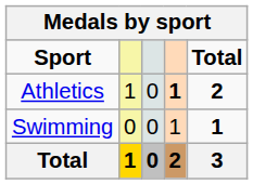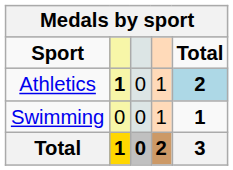 <table class="wikitable" style="font-size:85%; float:right;">
 <tr style="background:#efefef;">
 <th colspan=7><strong>Medals by sport</strong></th>
 </tr>
 <tr align=center>
 <td><strong>Sport</strong></td>
 <td bgcolor=#f7f6a8></td>
 <td bgcolor=#dce5e5></td>
 <td bgcolor=#ffdab9></td>
 <td><strong>Total</strong></td>
 </tr>
 <tr align=center>
 <td><a href='#'>Athletics</a></td>
-<td style="background:#F7F6A8;">1</td>
+<td style="background:#F7F6A8;"><strong>1</strong></td>
 <td style="background:#DCE5E5;">0</td>
-<td style="background:#FFDAB9;"><strong>1</strong></td>
-<td><strong>2</strong></td>
+<td style="background:#FFDAB9;">1</td>
+<td style="background: lightblue;"><strong>2</strong></td>
 </tr>
 <tr align=center>
 <td><a href='#'>Swimming</a></td>
 <td style="background:#F7F6A8;">0</td>
 <td style="background:#DCE5E5;">0</td>
 <td style="background:#FFDAB9;">1</td>
 <td><strong>1</strong></td>
 </tr>
 <tr align=center>
 <th><strong>Total</strong></th>
 <th style="background:gold;"><strong>1</strong></th>
 <th style="background:silver;"><strong>0</strong></th>
 <th style="background:#c96;"><strong>2</strong></th>
 <th><strong>3</strong></th>
 </tr>
 </table>
